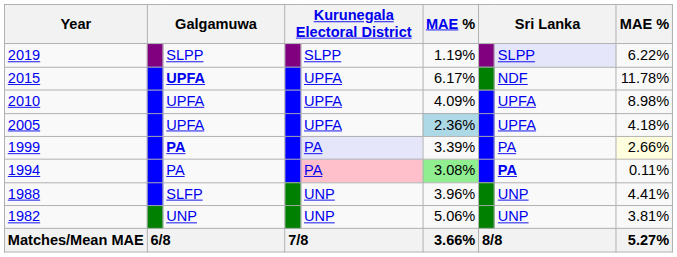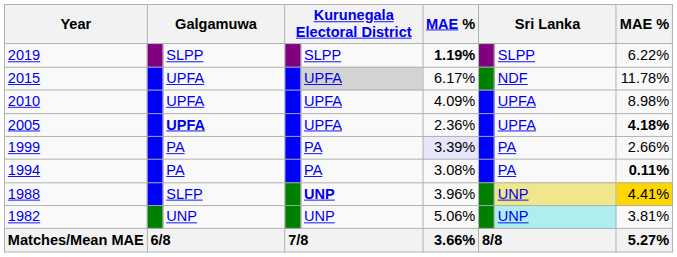 <table class="wikitable">
 <tr>
 <th>Year</th>
 <th colspan="2" width="144px">Galgamuwa</th>
 <th colspan="2" width="144px"><a href='#'>Kurunegala Electoral District</a></th>
 <th><a href='#'>MAE</a> %</th>
 <th colspan="2" width="144px">Sri Lanka</th>
 <th>MAE %</th>
 </tr>
 <tr>
 <td><a href='#'>2019</a></td>
 <td style="background-color:purple;" width="10px"></td>
 <td style="text-align:left;"><a href='#'>SLPP</a></td>
 <td style="background-color:purple;" width="10px"></td>
 <td style="text-align:left;"><a href='#'>SLPP</a></td>
-<td style="text-align:right;">1.19%</td>
+<td style="text-align:right;"><strong>1.19%</strong></td>
 <td style="background-color:purple;" width="10px"></td>
-<td style="background: lavender; text-align:left;"><a href='#'>SLPP</a></td>
+<td style="text-align:left;"><a href='#'>SLPP</a></td>
 <td style="text-align:right;">6.22%</td>
 </tr>
 <tr>
 <td><a href='#'>2015</a></td>
 <td style="background-color:blue;" width="10px"></td>
-<td style="text-align:left;"><strong><a href='#'>UPFA</a></strong></td>
+<td style="text-align:left;"><a href='#'>UPFA</a></td>
 <td style="background-color:blue;" width="10px"></td>
-<td style="text-align:left;"><a href='#'>UPFA</a></td>
+<td style="background: lightgrey; text-align:left;"><a href='#'>UPFA</a></td>
 <td style="text-align:right;">6.17%</td>
 <td style="background-color:green;" width="10px"></td>
 <td style="text-align:left;"><a href='#'>NDF</a></td>
 <td style="text-align:right;">11.78%</td>
 </tr>
 <tr>
 <td><a href='#'>2010</a></td>
 <td style="background-color:blue;" width="10px"></td>
 <td style="text-align:left;"><a href='#'>UPFA</a></td>
 <td style="background-color:blue;" width="10px"></td>
 <td style="text-align:left;"><a href='#'>UPFA</a></td>
 <td style="text-align:right;">4.09%</td>
 <td style="background-color:blue;" width="10px"></td>
 <td style="text-align:left;"><a href='#'>UPFA</a></td>
 <td style="text-align:right;">8.98%</td>
 </tr>
 <tr>
 <td><a href='#'>2005</a></td>
 <td style="background-color:blue;" width="10px"></td>
-<td style="text-align:left;"><a href='#'>UPFA</a></td>
+<td style="text-align:left;"><strong><a href='#'>UPFA</a></strong></td>
 <td style="background-color:blue;" width="10px"></td>
 <td style="text-align:left;"><a href='#'>UPFA</a></td>
-<td style="background: lightblue; text-align:right;">2.36%</td>
+<td style="text-align:right;">2.36%</td>
 <td style="background-color:blue;" width="10px"></td>
 <td style="text-align:left;"><a href='#'>UPFA</a></td>
-<td style="text-align:right;">4.18%</td>
+<td style="text-align:right;"><strong>4.18%</strong></td>
 </tr>
 <tr>
 <td><a href='#'>1999</a></td>
 <td style="background-color:blue;" width="10px"></td>
-<td style="text-align:left;"><strong><a href='#'>PA</a></strong></td>
-<td style="background-color:blue;" width="10px"></td>
-<td style="background: lavender; text-align:left;"><a href='#'>PA</a></td>
-<td style="text-align:right;">3.39%</td>
+<td style="text-align:left;"><a href='#'>PA</a></td>
 <td style="background-color:blue;" width="10px"></td>
 <td style="text-align:left;"><a href='#'>PA</a></td>
-<td style="background: lightyellow; text-align:right;">2.66%</td>
+<td style="background: lavender; text-align:right;">3.39%</td>
+<td style="background-color:blue;" width="10px"></td>
+<td style="text-align:left;"><a href='#'>PA</a></td>
+<td style="text-align:right;">2.66%</td>
 </tr>
 <tr>
 <td><a href='#'>1994</a></td>
 <td style="background-color:blue;" width="10px"></td>
 <td style="text-align:left;"><a href='#'>PA</a></td>
 <td style="background-color:blue;" width="10px"></td>
-<td style="background: pink; text-align:left;"><a href='#'>PA</a></td>
-<td style="background: lightgreen; text-align:right;">3.08%</td>
+<td style="text-align:left;"><a href='#'>PA</a></td>
+<td style="text-align:right;">3.08%</td>
 <td style="background-color:blue;" width="10px"></td>
-<td style="text-align:left;"><strong><a href='#'>PA</a></strong></td>
-<td style="text-align:right;">0.11%</td>
+<td style="text-align:left;"><a href='#'>PA</a></td>
+<td style="text-align:right;"><strong>0.11%</strong></td>
 </tr>
 <tr>
 <td><a href='#'>1988</a></td>
 <td style="background-color:blue;" width="10px"></td>
 <td style="text-align:left;"><a href='#'>SLFP</a></td>
 <td style="background-color:green;" width="10px"></td>
-<td style="text-align:left;"><a href='#'>UNP</a></td>
+<td style="text-align:left;"><strong><a href='#'>UNP</a></strong></td>
 <td style="text-align:right;">3.96%</td>
 <td style="background-color:green;" width="10px"></td>
-<td style="text-align:left;"><a href='#'>UNP</a></td>
-<td style="text-align:right;">4.41%</td>
+<td style="background: khaki; text-align:left;"><a href='#'>UNP</a></td>
+<td style="background: gold; text-align:right;">4.41%</td>
 </tr>
 <tr>
 <td><a href='#'>1982</a></td>
 <td style="background-color:green;" width="10px"></td>
 <td style="text-align:left;"><a href='#'>UNP</a></td>
 <td style="background-color:green;" width="10px"></td>
 <td style="text-align:left;"><a href='#'>UNP</a></td>
 <td style="text-align:right;">5.06%</td>
 <td style="background-color:green;" width="10px"></td>
-<td style="text-align:left;"><a href='#'>UNP</a></td>
+<td style="background: paleturquoise; text-align:left;"><a href='#'>UNP</a></td>
 <td style="text-align:right;">3.81%</td>
 </tr>
 <tr>
 <th>Matches/Mean MAE</th>
 <th style="text-align:left;"colspan="2" width="144px">6/8</th>
 <th style="text-align:left;"colspan="2" width="144px">7/8</th>
 <th style="text-align:right;">3.66%</th>
 <th style="text-align:left;"colspan="2" width="144px">8/8</th>
 <th style="text-align:right;">5.27%</th>
 </tr>
 </table>
